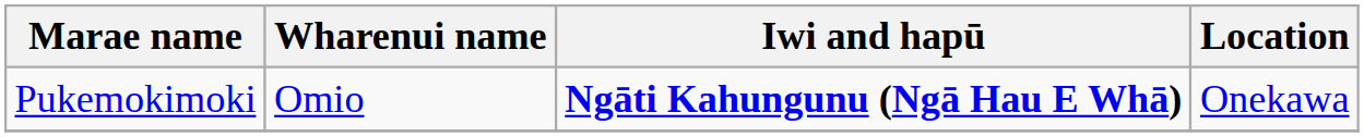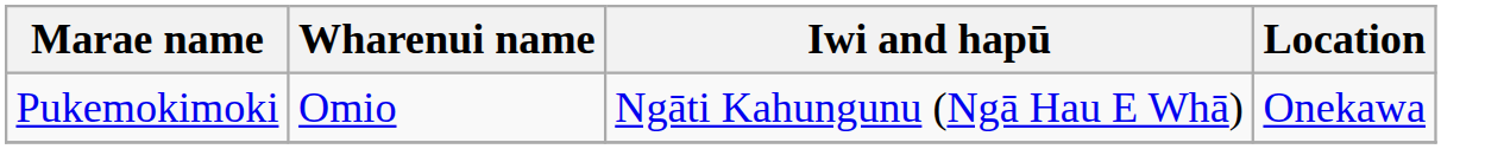 <table class="wikitable sortable">
 <tr>
 <th>Marae name</th>
 <th>Wharenui name</th>
 <th>Iwi and hapū</th>
 <th>Location</th>
 </tr>
 <tr>
 <td><a href='#'>Pukemokimoki</a></td>
 <td><a href='#'>Omio</a></td>
-<td><strong><a href='#'>Ngāti Kahungunu</a> (<a href='#'>Ngā Hau E Whā</a>)</strong></td>
+<td><a href='#'>Ngāti Kahungunu</a> (<a href='#'>Ngā Hau E Whā</a>)</td>
 <td><a href='#'>Onekawa</a></td>
 </tr>
 <tr>
 </tr>
 </table>
